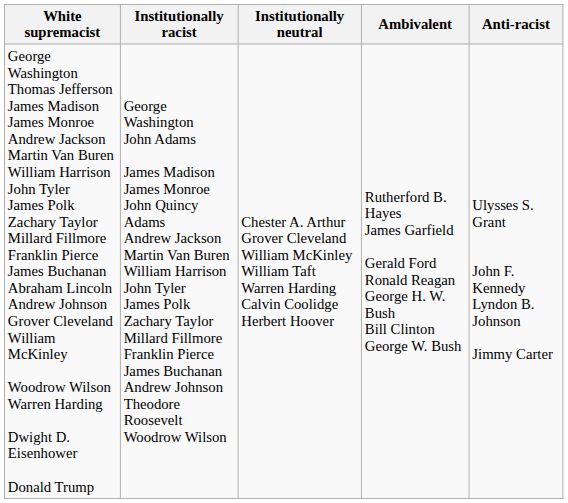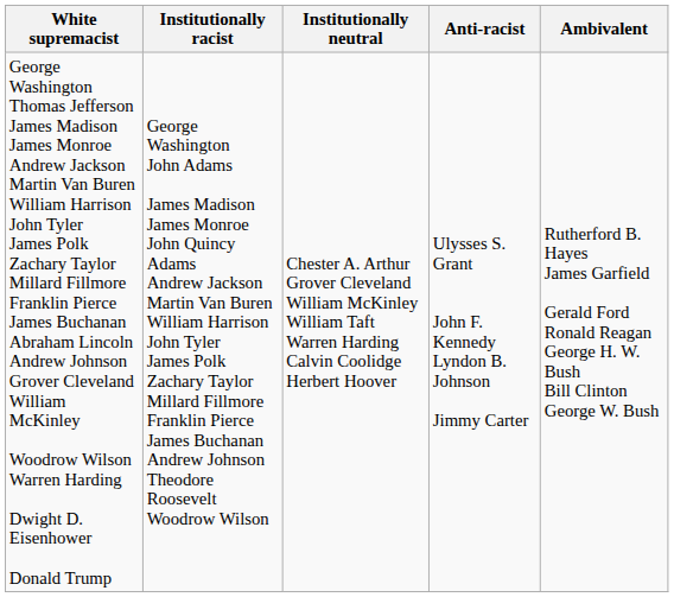 <table class="wikitable">
 <tr>
 <th>White supremacist</th>
 <th>Institutionally racist</th>
 <th>Institutionally neutral</th>
+<th>Anti-racist</th>
 <th>Ambivalent</th>
-<th>Anti-racist</th>
 </tr>
 <tr>
 <td>George Washington <br>Thomas Jefferson <br>James Madison <br>James Monroe <br>Andrew Jackson <br>Martin Van Buren <br>William Harrison <br>John Tyler <br>James Polk <br>Zachary Taylor <br>Millard Fillmore <br>Franklin Pierce <br>James Buchanan <br>Abraham Lincoln <br>Andrew Johnson <br>Grover Cleveland <br>William McKinley <br> <br>Woodrow Wilson <br>Warren Harding <br> <br>Dwight D. Eisenhower   <br> <br>Donald Trump</td>
 <td>George Washington <br>John Adams <br> <br>James Madison <br>James Monroe <br>John Quincy Adams <br>Andrew Jackson <br>Martin Van Buren <br>William Harrison <br>John Tyler <br>James Polk <br>Zachary Taylor <br>Millard Fillmore <br>Franklin Pierce <br>James Buchanan <br>Andrew Johnson <br>Theodore Roosevelt <br>Woodrow Wilson<br></td>
 <td>Chester A. Arthur <br>Grover Cleveland <br>William McKinley <br>William Taft <br>Warren Harding <br>Calvin Coolidge <br>Herbert Hoover <br></td>
+<td> <br>Ulysses S. Grant <br> <br> <br>John F. Kennedy <br>Lyndon B. Johnson <br> <br>Jimmy Carter <br></td>
 <td>Rutherford B. Hayes <br>James Garfield <br> <br>Gerald Ford <br>Ronald Reagan <br>George H. W. Bush <br>Bill Clinton <br>George W. Bush</td>
-<td> <br>Ulysses S. Grant <br> <br> <br>John F. Kennedy <br>Lyndon B. Johnson <br> <br>Jimmy Carter <br></td>
 </tr>
 </table>
